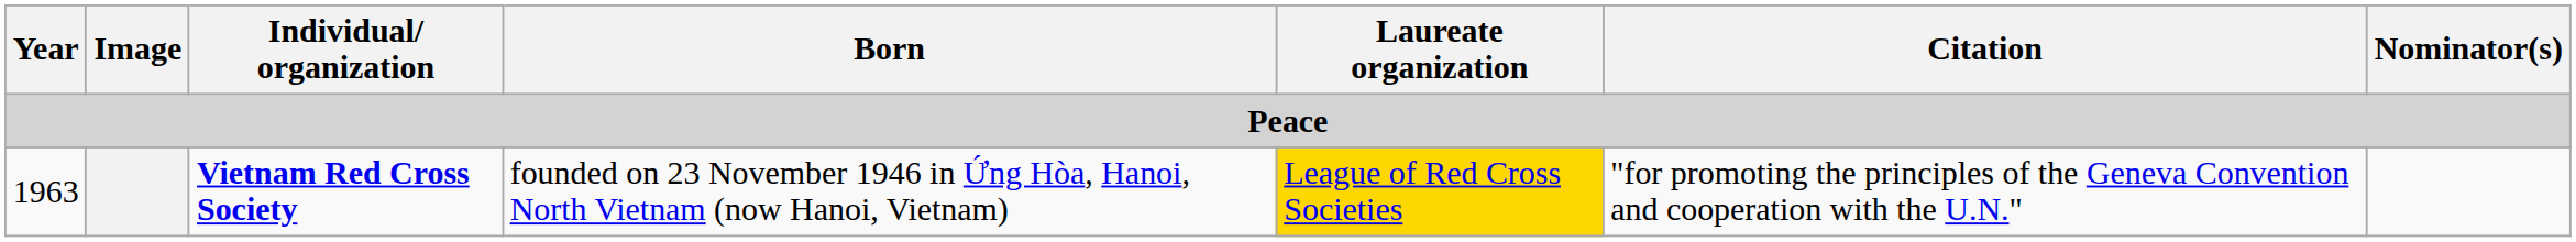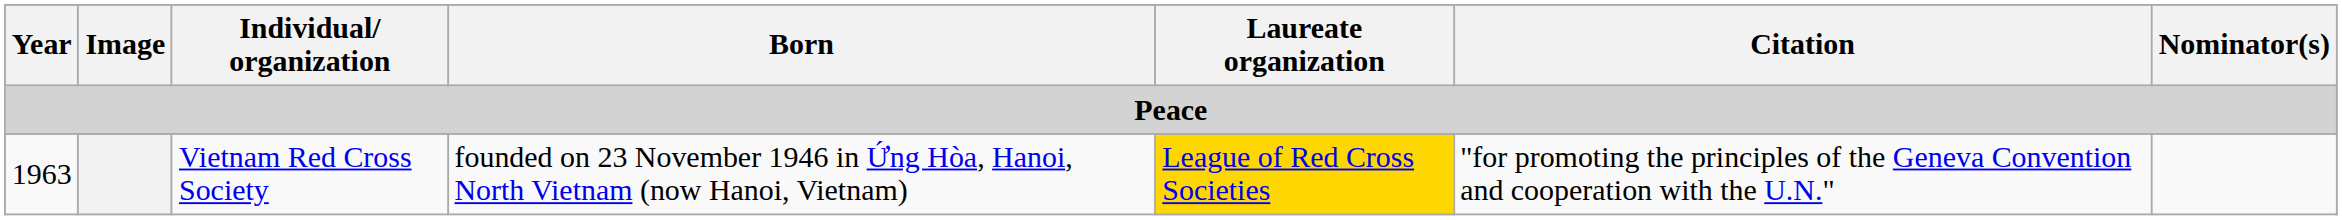 <table class="wikitable sortable">
 <tr>
 <th>Year</th>
 <th class="unportable">Image</th>
 <th>Individual/<br>organization</th>
 <th>Born</th>
 <th>Laureate organization</th>
 <th>Citation</th>
 <th>Nominator(s)</th>
 </tr>
 <tr>
 <td colspan=8 align=center style="background:lightgray;white-space:nowrap"><strong>Peace</strong></td>
 </tr>
 <tr>
 <td style="text-align:center;">1963</td>
 <th scope="row"></th>
-<td><strong><a href='#'>Vietnam Red Cross Society</a></strong></td>
+<td><a href='#'>Vietnam Red Cross Society</a></td>
 <td>founded on 23 November 1946 in <a href='#'>Ứng Hòa</a>, <a href='#'>Hanoi</a>, <a href='#'>North Vietnam</a> (now Hanoi, Vietnam)</td>
 <td style="background: gold;"><a href='#'>League of Red Cross Societies</a><br></td>
 <td>"for promoting the principles of the <a href='#'>Geneva Convention</a> and cooperation with the <a href='#'>U.N.</a>"</td>
 <td></td>
 </tr>
 </table>
